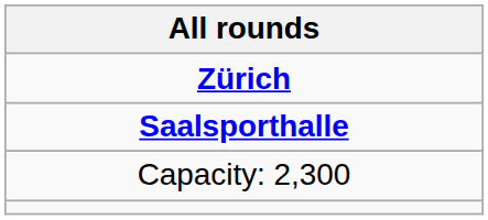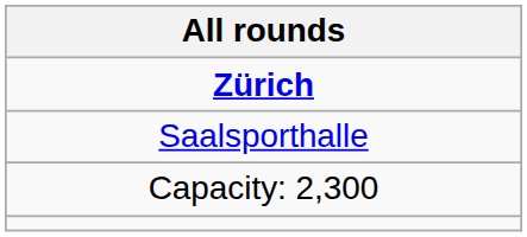 <table class=wikitable style=text-align:center width=250>
 <tr>
 <th>All rounds</th>
 </tr>
 <tr>
 <td><strong> <a href='#'>Zürich</a></strong></td>
 </tr>
 <tr>
-<td><strong><a href='#'>Saalsporthalle</a></strong></td>
+<td><a href='#'>Saalsporthalle</a></td>
 </tr>
 <tr>
 <td>Capacity: 2,300</td>
 </tr>
 <tr>
 <td></td>
 </tr>
 </table>
